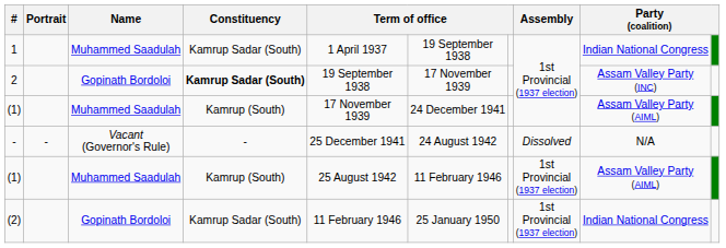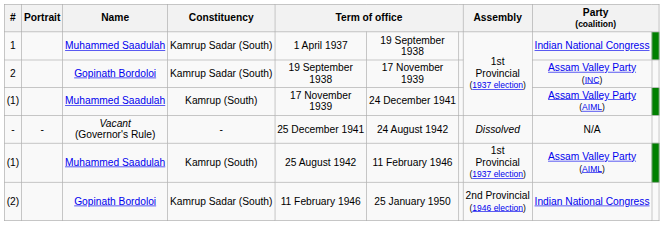 <table class="wikitable" style="text-align:center">
 <tr>
 <th scope="col">#</th>
 <th>Portrait</th>
 <th>Name</th>
 <th>Constituency</th>
 <th colspan="3">Term of office</th>
 <th>Assembly</th>
 <th colspan="2">Party<br><small>(coalition)</small></th>
 </tr>
 <tr>
 <td>1</td>
 <td></td>
 <td><a href='#'>Muhammed Saadulah</a></td>
 <td>Kamrup Sadar (South)</td>
 <td>1 April 1937</td>
 <td>19 September<br>1938</td>
 <td></td>
 <td rowspan="3">1st<br>Provincial<br><small>(<a href='#'>1937 election</a>)</small></td>
 <td><a href='#'>Indian National Congress</a></td>
 <td width="4px" style="background-color: green"></td>
 </tr>
 <tr>
 <td>2</td>
 <td></td>
 <td><a href='#'>Gopinath Bordoloi</a></td>
-<td><strong>Kamrup Sadar (South)</strong></td>
+<td>Kamrup Sadar (South)</td>
 <td>19 September<br>1938</td>
 <td>17 November<br>1939</td>
 <td></td>
 <td><a href='#'>Assam Valley Party</a><br><small>(<a href='#'>INC</a>)</small></td>
 <td width="4px" style="background-color: "></td>
 </tr>
 <tr>
 <td>(1)</td>
 <td></td>
 <td><a href='#'>Muhammed Saadulah</a></td>
 <td>Kamrup (South)</td>
 <td>17 November<br>1939</td>
 <td>24 December 1941</td>
 <td></td>
 <td><a href='#'>Assam Valley Party</a><br><small>(<a href='#'>AIML</a>)</small></td>
 <td width="4px" style="background-color: green"></td>
 </tr>
 <tr>
 <td>-</td>
 <td>-</td>
 <td><em>Vacant</em><br>(Governor's Rule)</td>
 <td>-</td>
 <td>25 December 1941</td>
 <td>24 August 1942</td>
 <td></td>
 <td><em>Dissolved</em></td>
 <td>N/A</td>
 <td></td>
 </tr>
 <tr>
 <td>(1)</td>
 <td></td>
 <td><a href='#'>Muhammed Saadulah</a></td>
 <td>Kamrup (South)</td>
 <td>25 August 1942</td>
 <td>11 February 1946</td>
 <td></td>
 <td>1st<br>Provincial<br><small>(<a href='#'>1937 election</a>)</small></td>
 <td><a href='#'>Assam Valley Party</a><br><small>(<a href='#'>AIML</a>)</small></td>
 <td width="4px" style="background-color: green"></td>
 </tr>
 <tr align="center" style="height: 60px;">
 <td>(2)</td>
 <td></td>
 <td><a href='#'>Gopinath Bordoloi</a></td>
 <td>Kamrup Sadar (South)</td>
 <td>11 February 1946</td>
 <td>25 January 1950</td>
 <td></td>
-<td>1st<br>Provincial<br><small>(<a href='#'>1937 election</a>)</small></td>
+<td>2nd Provincial<br><small>(<a href='#'>1946 election</a>)</small></td>
 <td><a href='#'>Indian National Congress</a></td>
 <td width="4px" style="background-color: "></td>
 </tr>
 </table>
